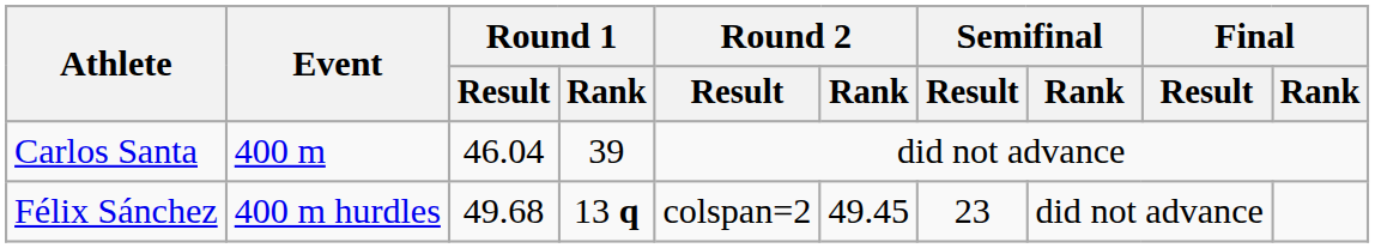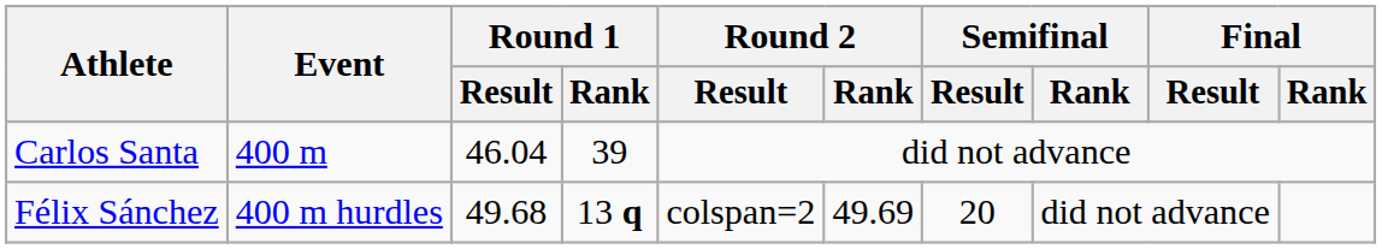 <table class="wikitable" style="font-size:90%">
 <tr>
 <th rowspan="2">Athlete</th>
 <th rowspan="2">Event</th>
 <th colspan="2">Round 1</th>
 <th colspan="2">Round 2</th>
 <th colspan="2">Semifinal</th>
 <th colspan="2">Final</th>
 </tr>
 <tr style="font-size:95%">
 <th>Result</th>
 <th>Rank</th>
 <th>Result</th>
 <th>Rank</th>
 <th>Result</th>
 <th>Rank</th>
 <th>Result</th>
 <th>Rank</th>
 </tr>
 <tr align=center>
 <td align=left><a href='#'>Carlos Santa</a></td>
 <td align=left><a href='#'>400 m</a></td>
 <td>46.04</td>
 <td>39</td>
 <td colspan=6>did not advance</td>
 </tr>
 <tr align=center>
 <td align=left><a href='#'>Félix Sánchez</a></td>
 <td align=left><a href='#'>400 m hurdles</a></td>
 <td>49.68</td>
 <td>13 <strong>q</strong></td>
 <td>colspan=2</td>
-<td>49.45</td>
-<td>23</td>
+<td>49.69</td>
+<td>20</td>
 <td colspan=2>did not advance</td>
 </tr>
 </table>
